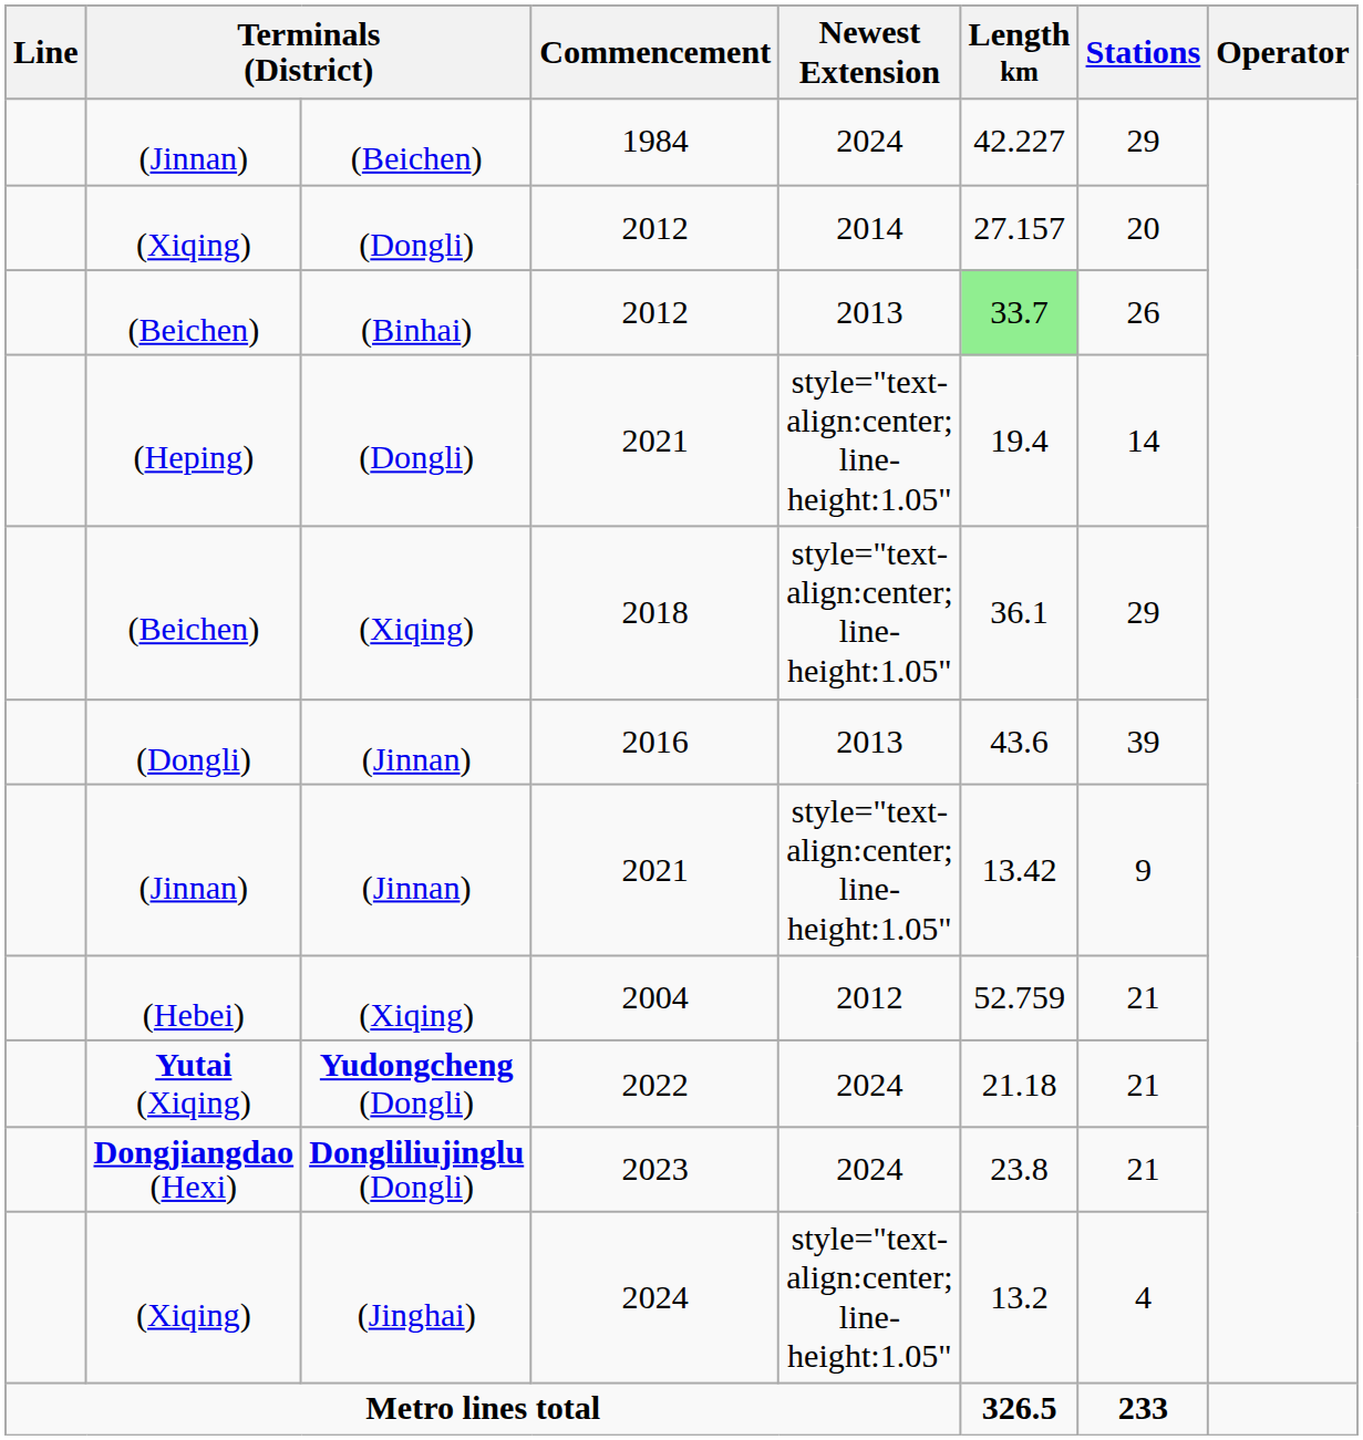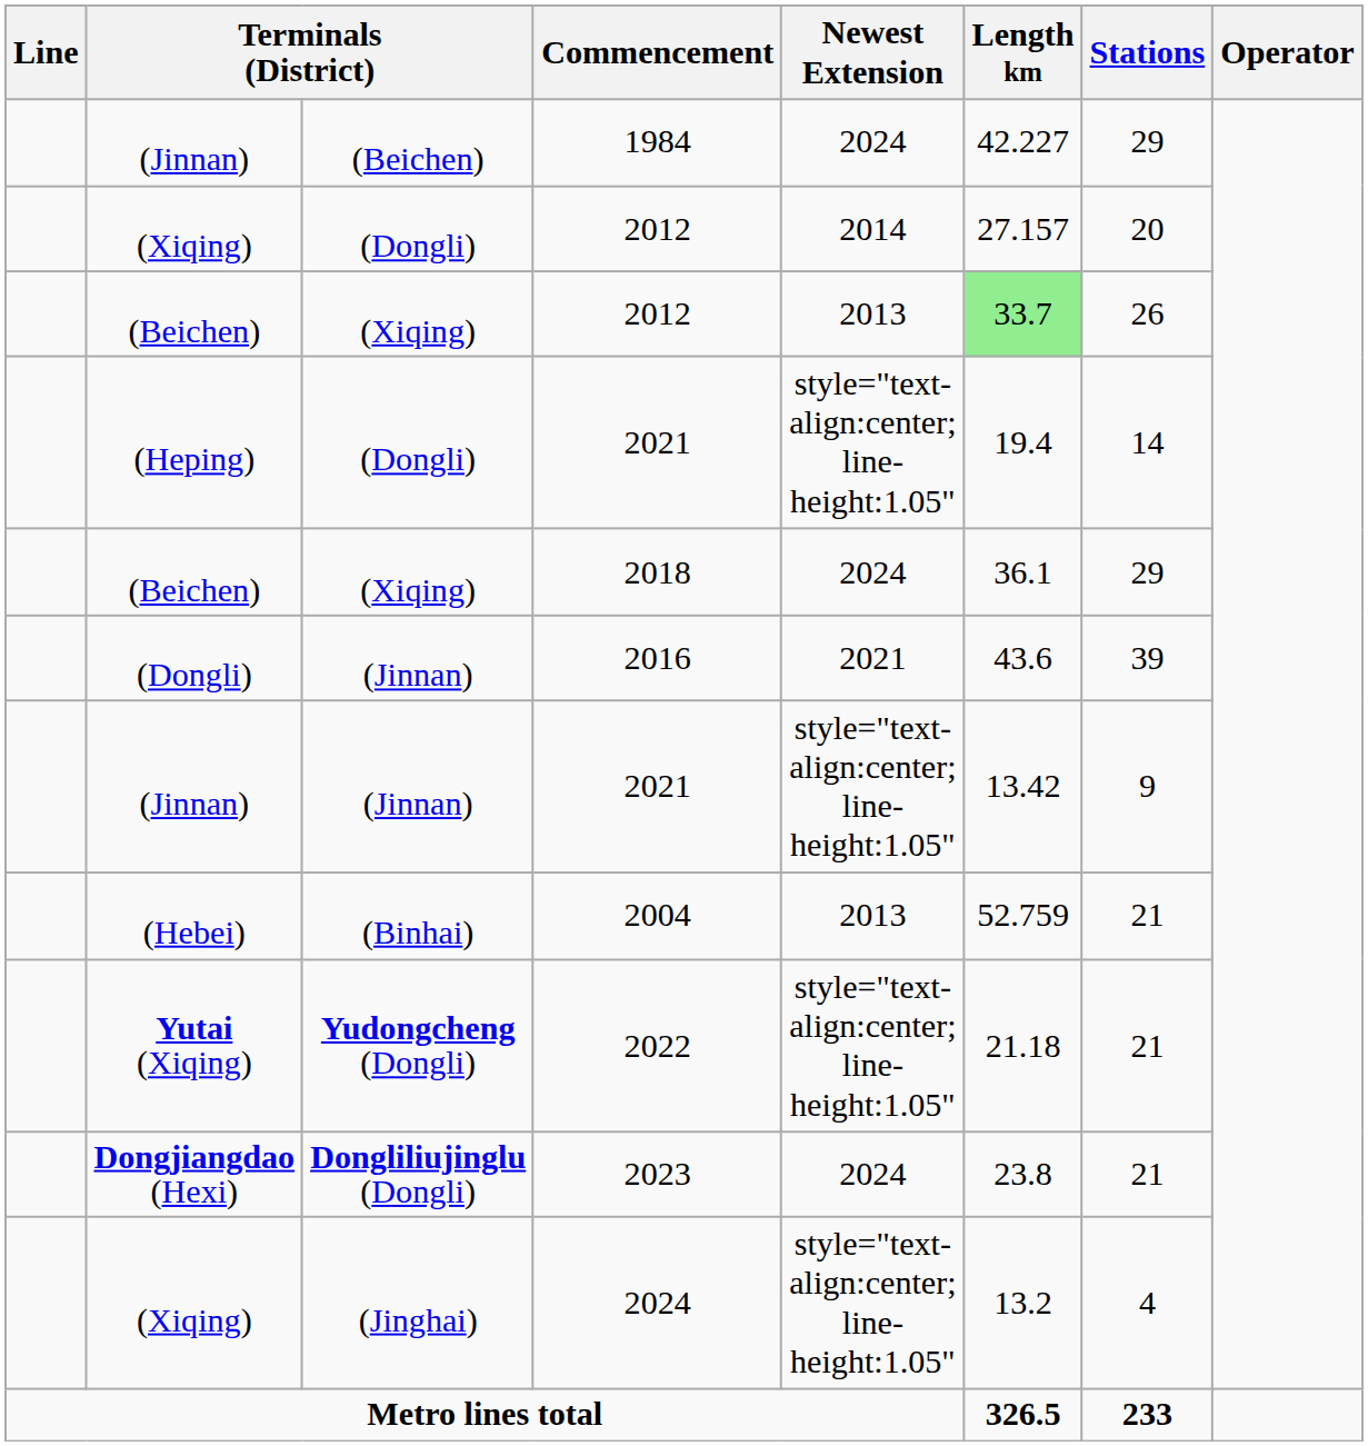 <table class="wikitable sortable" style="cell-padding:1.5; font-size:96%; text-align:center;">
 <tr>
 <th data-sort-type="text"style="width:100px;">Line</th>
 <th class="unsortable" colspan="2" style="width:400px; line-height:1.05">Terminals<br>(District)</th>
 <th>Commencement</th>
 <th>Newest<br>Extension</th>
 <th style="line-height:1.05">Length<br><small>km</small></th>
 <th style="line-height:1.05"><a href='#'>Stations</a></th>
 <th>Operator</th>
 </tr>
 <tr>
 <td style="text-align:center; line-height:1.05"></td>
 <td style="text-align:center; width:225px; line-height:1.05"><strong></strong><br>(<a href='#'>Jinnan</a>)</td>
 <td style="text-align:center; width:225px; line-height:1.05"><strong></strong><br>(<a href='#'>Beichen</a>)</td>
 <td style="text-align:center; line-height:1.05">1984</td>
 <td style="text-align:center; line-height:1.05">2024</td>
 <td style="text-align:center; line-height:1.05">42.227</td>
 <td style="text-align:center; line-height:1.05">29</td>
 <td rowspan="11"></td>
 </tr>
 <tr>
 <td style="text-align:center; line-height:1.05"></td>
 <td style="text-align:center; width:225px; line-height:1.05"><strong></strong><br>(<a href='#'>Xiqing</a>)</td>
 <td style="text-align:center; width:225px; line-height:1.05"><strong></strong><br>(<a href='#'>Dongli</a>)</td>
 <td style="text-align:center; line-height:1.05">2012</td>
 <td style="text-align:center; line-height:1.05">2014</td>
 <td style="text-align:center; line-height:1.05">27.157</td>
 <td style="text-align:center; line-height:1.05">20</td>
 </tr>
 <tr>
 <td style="text-align:center; line-height:1.05"></td>
 <td style="text-align:center; width:225px; line-height:1.05"><strong></strong><br>(<a href='#'>Beichen</a>)</td>
-<td style="text-align:center; width:225px; line-height:1.05"><strong></strong><br>(<a href='#'>Binhai</a>)</td>
+<td style="text-align:center; width:225px; line-height:1.05"><strong></strong><br>(<a href='#'>Xiqing</a>)</td>
 <td style="text-align:center; line-height:1.05">2012</td>
 <td style="text-align:center; line-height:1.05">2013</td>
 <td style="background: lightgreen; text-align:center; line-height:1.05">33.7</td>
 <td style="text-align:center; line-height:1.05">26</td>
 </tr>
 <tr>
 <td style="text-align:center; line-height:1.05"></td>
 <td style="text-align:center; width:225px; line-height:1.05"><strong></strong><br>(<a href='#'>Heping</a>)</td>
 <td style="text-align:center; width:225px; line-height:1.05"><strong></strong><br>(<a href='#'>Dongli</a>)</td>
 <td style="text-align:center; line-height:1.05">2021</td>
 <td>style="text-align:center; line-height:1.05" </td>
 <td style="text-align:center; line-height:1.05">19.4</td>
 <td style="text-align:center; line-height:1.05">14</td>
 </tr>
 <tr>
 <td style="text-align:center; line-height:1.05"></td>
 <td style="text-align:center; width:225px; line-height:1.05"><strong></strong><br>(<a href='#'>Beichen</a>)</td>
 <td style="text-align:center; width:225px; line-height:1.05"><strong></strong><br>(<a href='#'>Xiqing</a>)</td>
 <td style="text-align:center; line-height:1.05">2018</td>
-<td>style="text-align:center; line-height:1.05" </td>
+<td style="text-align:center; line-height:1.05">2024</td>
 <td style="text-align:center; line-height:1.05">36.1</td>
 <td style="text-align:center; line-height:1.05">29</td>
 </tr>
 <tr>
 <td style="text-align:center; line-height:1.05"></td>
 <td style="text-align:center; width:225px; line-height:1.05"><strong></strong><br>(<a href='#'>Dongli</a>)</td>
 <td style="text-align:center; width:225px; line-height:1.05"><strong></strong><br>(<a href='#'>Jinnan</a>)</td>
 <td style="text-align:center; line-height:1.05">2016</td>
-<td style="text-align:center; line-height:1.05">2013</td>
+<td style="text-align:center; line-height:1.05">2021</td>
 <td style="text-align:center; line-height:1.05">43.6</td>
 <td style="text-align:center; line-height:1.05">39</td>
 </tr>
 <tr>
 <td style="text-align:center; line-height:1.05"></td>
 <td style="text-align:center; width:225px; line-height:1.05"><strong></strong><br>(<a href='#'>Jinnan</a>)</td>
 <td style="text-align:center; width:225px; line-height:1.05"><strong></strong><br>(<a href='#'>Jinnan</a>)</td>
 <td style="text-align:center; line-height:1.05">2021</td>
 <td>style="text-align:center; line-height:1.05" </td>
 <td style="text-align:center; line-height:1.05">13.42</td>
 <td style="text-align:center; line-height:1.05">9</td>
 </tr>
 <tr>
 <td style="text-align:center; line-height:1.05"></td>
 <td style="text-align:center; width:225px; line-height:1.05"><strong></strong><br>(<a href='#'>Hebei</a>)</td>
-<td style="text-align:center; width:225px; line-height:1.05"><strong></strong><br>(<a href='#'>Xiqing</a>)</td>
+<td style="text-align:center; width:225px; line-height:1.05"><strong></strong><br>(<a href='#'>Binhai</a>)</td>
 <td style="text-align:center; line-height:1.05">2004</td>
-<td style="text-align:center; line-height:1.05">2012</td>
+<td style="text-align:center; line-height:1.05">2013</td>
 <td style="text-align:center; line-height:1.05">52.759</td>
 <td style="text-align:center; line-height:1.05">21</td>
 </tr>
 <tr>
 <td style="text-align:center; line-height:1.05"></td>
 <td style="text-align:center; width:225px; line-height:1.05"><strong><a href='#'>Yutai</a></strong><br>(<a href='#'>Xiqing</a>)</td>
 <td style="text-align:center; width:225px; line-height:1.05"><strong><a href='#'>Yudongcheng</a></strong><br>(<a href='#'>Dongli</a>)</td>
 <td style="text-align:center; line-height:1.05">2022</td>
-<td style="text-align:center; line-height:1.05">2024</td>
+<td>style="text-align:center; line-height:1.05" </td>
 <td style="text-align:center; line-height:1.05">21.18</td>
 <td style="text-align:center; line-height:1.05">21</td>
 </tr>
 <tr>
 <td style="text-align:center; line-height:1.05"></td>
 <td style="text-align:center; width:225px; line-height:1.05"><strong><a href='#'>Dongjiangdao</a></strong><br>(<a href='#'>Hexi</a>)</td>
 <td style="text-align:center; width:225px; line-height:1.05"><strong><a href='#'>Dongliliujinglu</a></strong><br>(<a href='#'>Dongli</a>)</td>
 <td style="text-align:center; line-height:1.05">2023</td>
 <td style="text-align:center; line-height:1.05">2024</td>
 <td style="text-align:center; line-height:1.05">23.8</td>
 <td style="text-align:center; line-height:1.05">21</td>
 </tr>
 <tr>
 <td style="text-align:center; line-height:1.05"></td>
 <td style="text-align:center; line-height:1.05"><strong></strong><br>(<a href='#'>Xiqing</a>)</td>
 <td style="text-align:center; line-height:1.05"><strong></strong><br>(<a href='#'>Jinghai</a>)</td>
 <td style="text-align:center; line-height:1.05">2024</td>
 <td>style="text-align:center; line-height:1.05" </td>
 <td style="text-align:center; line-height:1.05">13.2</td>
 <td style="text-align:center; line-height:1.05">4</td>
 </tr>
 <tr class="sortbottom">
 <td colspan="5" style="text-align:center; line-height:1.05"><strong>Metro lines total</strong></td>
 <td style="text-align:center; line-height:1.05"><strong>326.5</strong></td>
 <td style="text-align:center; line-height:1.05"><strong>233</strong></td>
 <td></td>
 </tr>
 </table>
